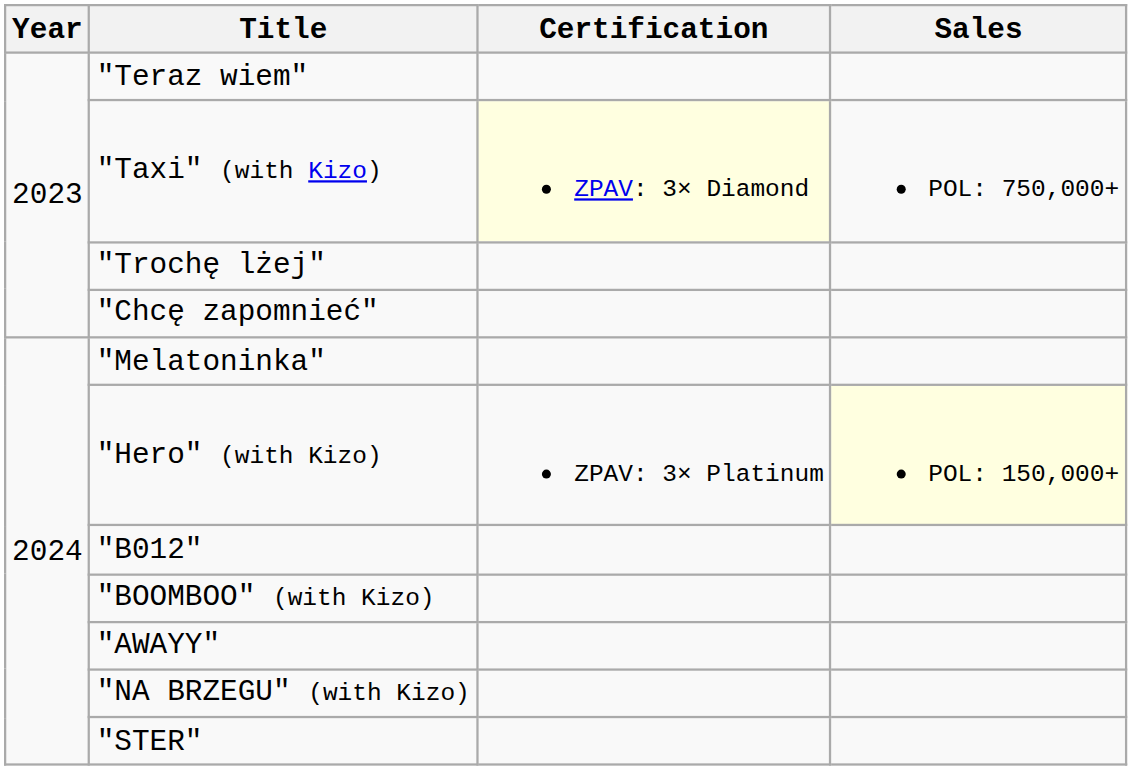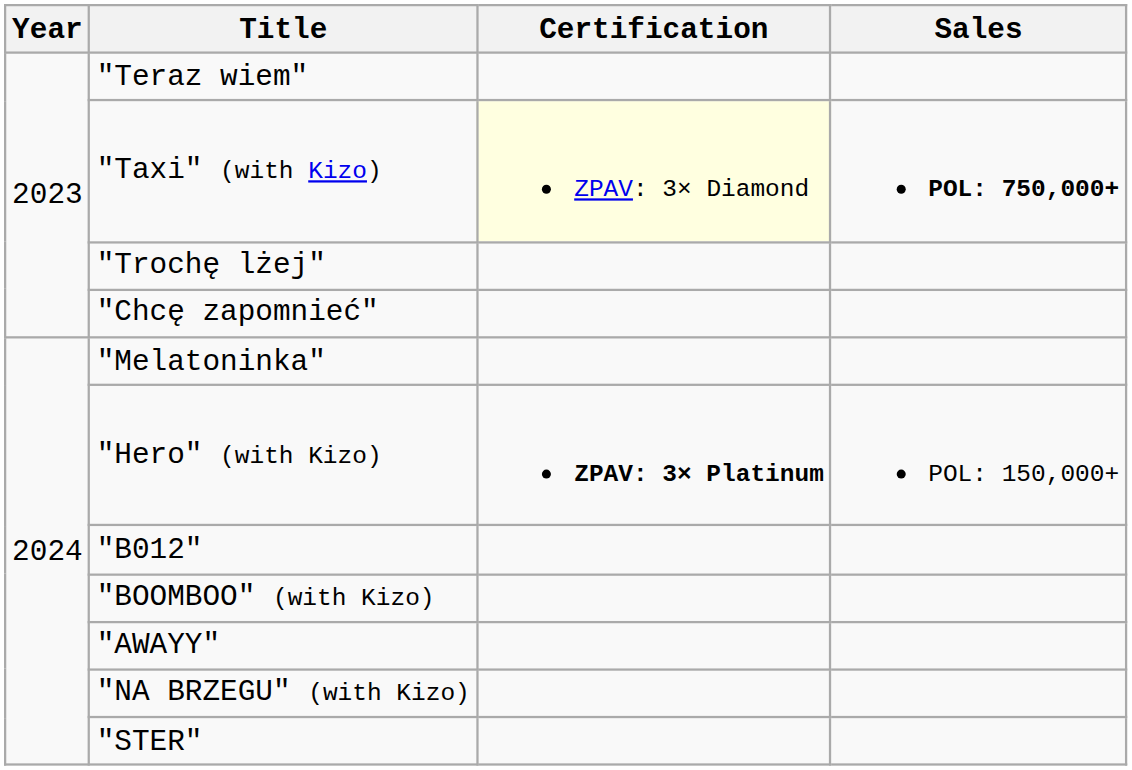 <table class="wikitable">
 <tr>
 <th>Year</th>
 <th>Title</th>
 <th>Certification</th>
 <th>Sales</th>
 </tr>
 <tr>
 <td rowspan="4">2023</td>
 <td>"Teraz wiem"</td>
 <td></td>
 <td></td>
 </tr>
 <tr>
 <td>"Taxi" <small>(with <a href='#'>Kizo</a>)</small></td>
 <td style="background: lightyellow;"><br><ul><li><small><a href='#'>ZPAV</a>: 3× Diamond</small></li></ul></td>
-<td><br><ul><li><small>POL: 750,000+</small></li></ul></td>
+<td><strong><br><ul><li><small>POL: 750,000+</small></li></ul></strong></td>
 </tr>
 <tr>
 <td>"Trochę lżej"</td>
 <td></td>
 <td></td>
 </tr>
 <tr>
 <td>"Chcę zapomnieć"</td>
 <td></td>
 <td></td>
 </tr>
 <tr>
 <td rowspan="7">2024</td>
 <td>"Melatoninka"</td>
 <td></td>
 <td></td>
 </tr>
 <tr>
 <td>"Hero" <small>(with Kizo)</small></td>
-<td><br><ul><li><small>ZPAV: 3× Platinum</small></li></ul></td>
-<td style="background: lightyellow;"><br><ul><li><small>POL: 150,000+</small></li></ul></td>
+<td><strong><br><ul><li><small>ZPAV: 3× Platinum</small></li></ul></strong></td>
+<td><br><ul><li><small>POL: 150,000+</small></li></ul></td>
 </tr>
 <tr>
 <td>"B012"</td>
 <td></td>
 <td></td>
 </tr>
 <tr>
 <td>"BOOMBOO" <small>(with Kizo)</small></td>
 <td></td>
 <td></td>
 </tr>
 <tr>
 <td>"AWAYY"</td>
 <td></td>
 <td></td>
 </tr>
 <tr>
 <td>"NA BRZEGU" <small>(with Kizo)</small></td>
 <td></td>
 <td></td>
 </tr>
 <tr>
 <td>"STER"</td>
 <td></td>
 <td></td>
 </tr>
 </table>
